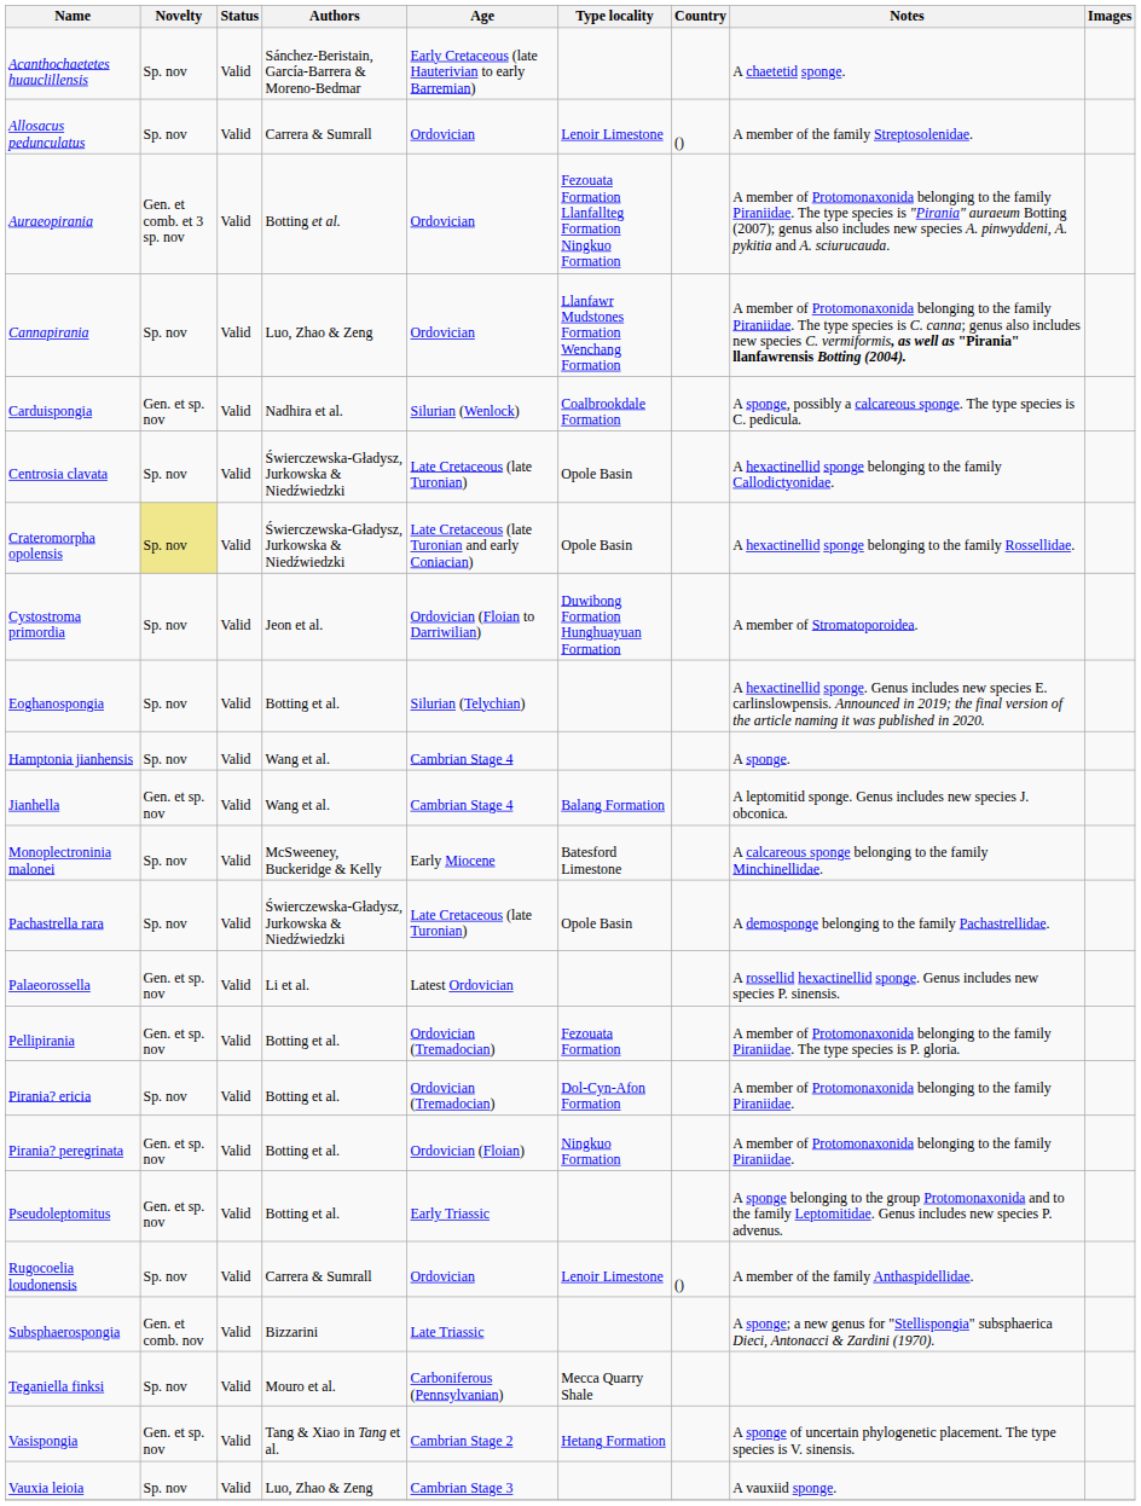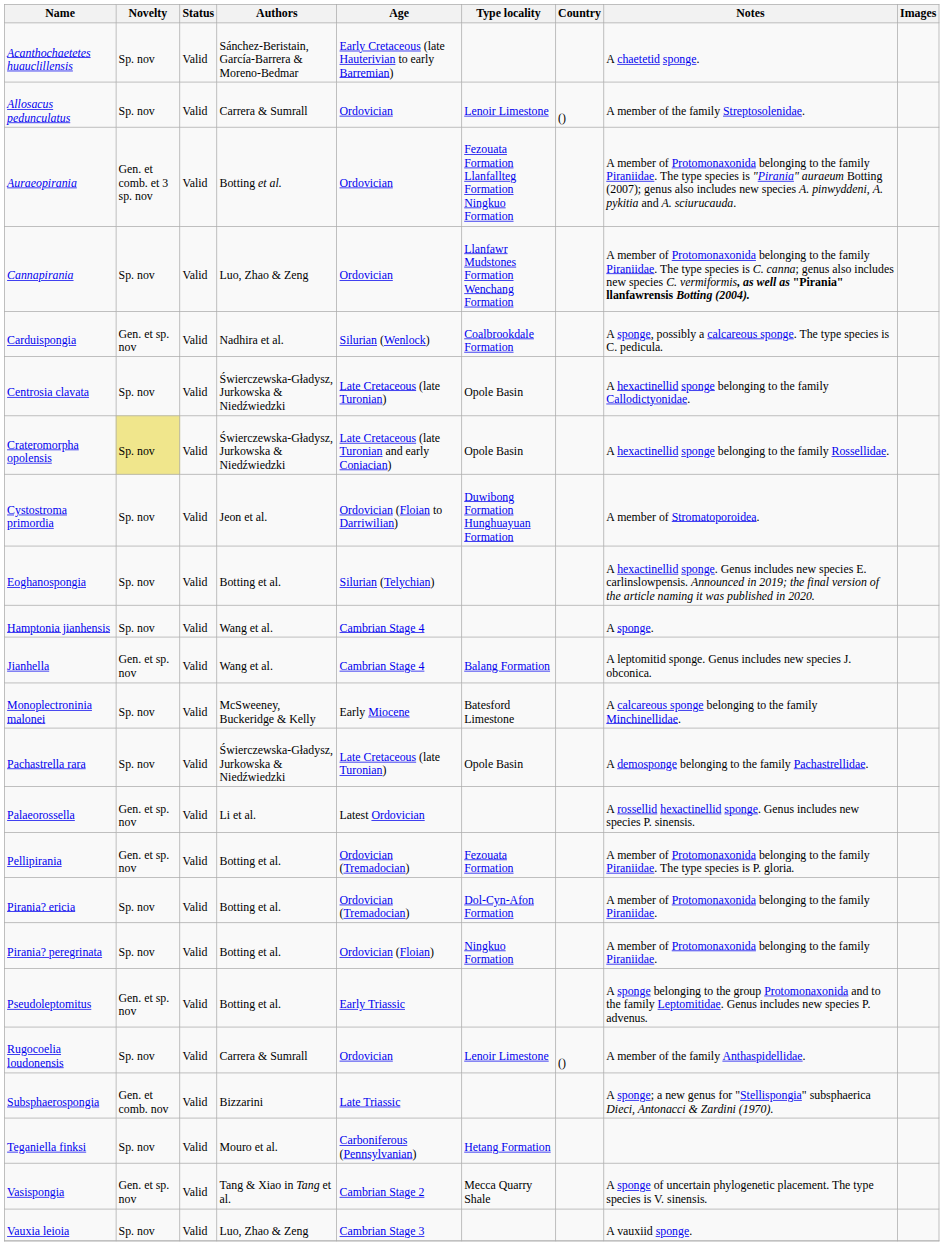 <table class="wikitable sortable" align="center" width="100%">
 <tr>
 <th>Name</th>
 <th>Novelty</th>
 <th>Status</th>
 <th>Authors</th>
 <th>Age</th>
 <th>Type locality</th>
 <th>Country</th>
 <th>Notes</th>
 <th>Images</th>
 </tr>
 <tr>
 <td><br><em><a href='#'>Acanthochaetetes huauclillensis</a></em></td>
 <td><br>Sp. nov</td>
 <td><br>Valid</td>
 <td><br>Sánchez-Beristain, García-Barrera & Moreno-Bedmar</td>
 <td><br><a href='#'>Early Cretaceous</a> (late <a href='#'>Hauterivian</a> to early <a href='#'>Barremian</a>)</td>
 <td></td>
 <td><br></td>
 <td><br>A <a href='#'>chaetetid</a> <a href='#'>sponge</a>.</td>
 <td></td>
 </tr>
 <tr>
 <td><br><em><a href='#'>Allosacus pedunculatus</a></em></td>
 <td><br>Sp. nov</td>
 <td><br>Valid</td>
 <td><br>Carrera & Sumrall</td>
 <td><br><a href='#'>Ordovician</a></td>
 <td><br><a href='#'>Lenoir Limestone</a></td>
 <td><br><br>()</td>
 <td><br>A member of the family <a href='#'>Streptosolenidae</a>.</td>
 <td></td>
 </tr>
 <tr>
 <td><br><em><a href='#'>Auraeopirania</a></em></td>
 <td><br>Gen. et comb. et 3 sp. nov</td>
 <td><br>Valid</td>
 <td><br>Botting <em>et al.</em></td>
 <td><br><a href='#'>Ordovician</a></td>
 <td><br><a href='#'>Fezouata Formation</a><br> <a href='#'>Llanfallteg Formation</a><br> <a href='#'>Ningkuo Formation</a></td>
 <td><br><br> <br> </td>
 <td><br>A member of <a href='#'>Protomonaxonida</a> belonging to the family <a href='#'>Piraniidae</a>. The type species is <em>"<a href='#'>Pirania</a>" auraeum</em> Botting (2007); genus also includes new species <em>A. pinwyddeni</em>, <em>A. pykitia</em> and <em>A. sciurucauda</em>.</td>
 <td></td>
 </tr>
 <tr>
 <td><br><em><a href='#'>Cannapirania</a></em></td>
 <td><br>Sp. nov</td>
 <td><br>Valid</td>
 <td><br>Luo, Zhao & Zeng</td>
 <td><br><a href='#'>Ordovician</a></td>
 <td><br><a href='#'>Llanfawr Mudstones Formation</a><br> <a href='#'>Wenchang Formation</a></td>
 <td><br><br> </td>
 <td><br>A member of <a href='#'>Protomonaxonida</a> belonging to the family <a href='#'>Piraniidae</a>. The type species is <em>C. canna</em>; genus also includes new species <em>C. vermiformis<strong>, as well as </em>"Pirania" llanfawrensis<em> Botting (2004).</td>
 <td></td>
 </tr>
 <tr>
 <td><br></em><a href='#'>Carduispongia</a><em></td>
 <td><br>Gen. et sp. nov</td>
 <td><br>Valid</td>
 <td><br>Nadhira </em>et al.<em></td>
 <td><br><a href='#'>Silurian</a> (<a href='#'>Wenlock</a>)</td>
 <td><br><a href='#'>Coalbrookdale Formation</a></td>
 <td><br></td>
 <td><br>A <a href='#'>sponge</a>, possibly a <a href='#'>calcareous sponge</a>. The type species is </em>C. pedicula<em>.</td>
 <td></td>
 </tr>
 <tr>
 <td><br></em><a href='#'>Centrosia clavata</a><em></td>
 <td><br>Sp. nov</td>
 <td><br>Valid</td>
 <td><br>Świerczewska-Gładysz, Jurkowska & Niedźwiedzki</td>
 <td><br><a href='#'>Late Cretaceous</a> (late <a href='#'>Turonian</a>)</td>
 <td><br>Opole Basin</td>
 <td><br></td>
 <td><br>A <a href='#'>hexactinellid</a> <a href='#'>sponge</a> belonging to the family <a href='#'>Callodictyonidae</a>.</td>
 <td></td>
 </tr>
 <tr>
 <td><br></em><a href='#'>Crateromorpha opolensis</a><em></td>
 <td style="background: khaki;"><br>Sp. nov</td>
 <td><br>Valid</td>
 <td><br>Świerczewska-Gładysz, Jurkowska & Niedźwiedzki</td>
 <td><br><a href='#'>Late Cretaceous</a> (late <a href='#'>Turonian</a> and early <a href='#'>Coniacian</a>)</td>
 <td><br>Opole Basin</td>
 <td><br></td>
 <td><br>A <a href='#'>hexactinellid</a> <a href='#'>sponge</a> belonging to the family <a href='#'>Rossellidae</a>.</td>
 <td></td>
 </tr>
 <tr>
 <td><br></em><a href='#'>Cystostroma primordia</a><em></td>
 <td><br>Sp. nov</td>
 <td><br>Valid</td>
 <td><br>Jeon </em>et al.<em></td>
 <td><br><a href='#'>Ordovician</a> (<a href='#'>Floian</a> to <a href='#'>Darriwilian</a>)</td>
 <td><br><a href='#'>Duwibong Formation</a><br> <a href='#'>Hunghuayuan Formation</a></td>
 <td><br><br> </td>
 <td><br>A member of <a href='#'>Stromatoporoidea</a>.</td>
 <td></td>
 </tr>
 <tr>
 <td><br></em><a href='#'>Eoghanospongia</a><em></td>
 <td><br>Sp. nov</td>
 <td><br>Valid</td>
 <td><br>Botting </em>et al.<em></td>
 <td><br><a href='#'>Silurian</a> (<a href='#'>Telychian</a>)</td>
 <td></td>
 <td><br></td>
 <td><br>A <a href='#'>hexactinellid</a> <a href='#'>sponge</a>. Genus includes new species </em>E. carlinslowpensis<em>. Announced in 2019; the final version of the article naming it was published in 2020.</td>
 <td></td>
 </tr>
 <tr>
 <td><br></em><a href='#'>Hamptonia jianhensis</a><em></td>
 <td><br>Sp. nov</td>
 <td><br>Valid</td>
 <td><br>Wang </em>et al.<em></td>
 <td><br><a href='#'>Cambrian Stage 4</a></td>
 <td></td>
 <td><br></td>
 <td><br>A <a href='#'>sponge</a>.</td>
 <td></td>
 </tr>
 <tr>
 <td><br></em><a href='#'>Jianhella</a><em></td>
 <td><br>Gen. et sp. nov</td>
 <td><br>Valid</td>
 <td><br>Wang </em>et al.<em></td>
 <td><br><a href='#'>Cambrian Stage 4</a></td>
 <td><br><a href='#'>Balang Formation</a></td>
 <td><br></td>
 <td><br>A leptomitid sponge. Genus includes new species </em>J. obconica<em>.</td>
 <td></td>
 </tr>
 <tr>
 <td><br></em><a href='#'>Monoplectroninia malonei</a><em></td>
 <td><br>Sp. nov</td>
 <td><br>Valid</td>
 <td><br>McSweeney, Buckeridge & Kelly</td>
 <td><br>Early <a href='#'>Miocene</a></td>
 <td><br>Batesford Limestone</td>
 <td><br></td>
 <td><br>A <a href='#'>calcareous sponge</a> belonging to the family <a href='#'>Minchinellidae</a>.</td>
 <td></td>
 </tr>
 <tr>
 <td><br></em><a href='#'>Pachastrella rara</a><em></td>
 <td><br>Sp. nov</td>
 <td><br>Valid</td>
 <td><br>Świerczewska-Gładysz, Jurkowska & Niedźwiedzki</td>
 <td><br><a href='#'>Late Cretaceous</a> (late <a href='#'>Turonian</a>)</td>
 <td><br>Opole Basin</td>
 <td><br></td>
 <td><br>A <a href='#'>demosponge</a> belonging to the family <a href='#'>Pachastrellidae</a>.</td>
 <td></td>
 </tr>
 <tr>
 <td><br></em><a href='#'>Palaeorossella</a><em></td>
 <td><br>Gen. et sp. nov</td>
 <td><br>Valid</td>
 <td><br>Li </em>et al.<em></td>
 <td><br>Latest <a href='#'>Ordovician</a></td>
 <td></td>
 <td><br></td>
 <td><br>A <a href='#'>rossellid</a> <a href='#'>hexactinellid</a> <a href='#'>sponge</a>. Genus includes new species </em>P. sinensis<em>.</td>
 <td></td>
 </tr>
 <tr>
 <td><br></em><a href='#'>Pellipirania</a><em></td>
 <td><br>Gen. et sp. nov</td>
 <td><br>Valid</td>
 <td><br>Botting </em>et al.<em></td>
 <td><br><a href='#'>Ordovician</a> (<a href='#'>Tremadocian</a>)</td>
 <td><br><a href='#'>Fezouata Formation</a></td>
 <td><br></td>
 <td><br>A member of <a href='#'>Protomonaxonida</a> belonging to the family <a href='#'>Piraniidae</a>. The type species is </em>P. gloria<em>.</td>
 <td></td>
 </tr>
 <tr>
 <td><br></em><a href='#'>Pirania? ericia</a><em></td>
 <td><br>Sp. nov</td>
 <td><br>Valid</td>
 <td><br>Botting </em>et al.<em></td>
 <td><br><a href='#'>Ordovician</a> (<a href='#'>Tremadocian</a>)</td>
 <td><br><a href='#'>Dol-Cyn-Afon Formation</a></td>
 <td><br></td>
 <td><br>A member of <a href='#'>Protomonaxonida</a> belonging to the family <a href='#'>Piraniidae</a>.</td>
 <td></td>
 </tr>
 <tr>
 <td><br></em><a href='#'>Pirania? peregrinata</a><em></td>
-<td><br>Gen. et sp. nov</td>
+<td><br>Sp. nov</td>
 <td><br>Valid</td>
 <td><br>Botting </em>et al.<em></td>
 <td><br><a href='#'>Ordovician</a> (<a href='#'>Floian</a>)</td>
 <td><br><a href='#'>Ningkuo Formation</a></td>
 <td><br></td>
 <td><br>A member of <a href='#'>Protomonaxonida</a> belonging to the family <a href='#'>Piraniidae</a>.</td>
 <td></td>
 </tr>
 <tr>
 <td><br></em><a href='#'>Pseudoleptomitus</a><em></td>
 <td><br>Gen. et sp. nov</td>
 <td><br>Valid</td>
 <td><br>Botting </em>et al.<em></td>
 <td><br><a href='#'>Early Triassic</a></td>
 <td></td>
 <td><br></td>
 <td><br>A <a href='#'>sponge</a> belonging to the group <a href='#'>Protomonaxonida</a> and to the family <a href='#'>Leptomitidae</a>. Genus includes new species </em>P. advenus<em>.</td>
 <td></td>
 </tr>
 <tr>
 <td><br></em><a href='#'>Rugocoelia loudonensis</a><em></td>
 <td><br>Sp. nov</td>
 <td><br>Valid</td>
 <td><br>Carrera & Sumrall</td>
 <td><br><a href='#'>Ordovician</a></td>
 <td><br><a href='#'>Lenoir Limestone</a></td>
 <td><br><br>()</td>
 <td><br>A member of the family <a href='#'>Anthaspidellidae</a>.</td>
 <td></td>
 </tr>
 <tr>
 <td><br></em><a href='#'>Subsphaerospongia</a><em></td>
 <td><br>Gen. et comb. nov</td>
 <td><br>Valid</td>
 <td><br>Bizzarini</td>
 <td><br><a href='#'>Late Triassic</a></td>
 <td></td>
 <td><br></td>
 <td><br>A <a href='#'>sponge</a>; a new genus for </em>"<a href='#'>Stellispongia</a>" subsphaerica<em> Dieci, Antonacci & Zardini (1970).</td>
 <td></td>
 </tr>
 <tr>
 <td><br></em><a href='#'>Teganiella finksi</a><em></td>
 <td><br>Sp. nov</td>
 <td><br>Valid</td>
 <td><br>Mouro </em>et al.<em></td>
 <td><br><a href='#'>Carboniferous</a> (<a href='#'>Pennsylvanian</a>)</td>
-<td><br>Mecca Quarry Shale</td>
+<td><br><a href='#'>Hetang Formation</a></td>
 <td><br></td>
 <td></td>
 <td></td>
 </tr>
 <tr>
 <td><br></em><a href='#'>Vasispongia</a><em></td>
 <td><br>Gen. et sp. nov</td>
 <td><br>Valid</td>
 <td><br>Tang & Xiao </em>in<em> Tang </em>et al.<em></td>
 <td><br><a href='#'>Cambrian Stage 2</a></td>
-<td><br><a href='#'>Hetang Formation</a></td>
+<td><br>Mecca Quarry Shale</td>
 <td><br></td>
 <td><br>A <a href='#'>sponge</a> of uncertain phylogenetic placement. The type species is </em>V. sinensis<em>.</td>
 <td></td>
 </tr>
 <tr>
 <td><br></em><a href='#'>Vauxia leioia</a><em></td>
 <td><br>Sp. nov</td>
 <td><br>Valid</td>
 <td><br>Luo, Zhao & Zeng</td>
 <td><br><a href='#'>Cambrian Stage 3</a></td>
 <td></td>
 <td><br></td>
 <td><br>A vauxiid <a href='#'>sponge</a>.</td>
 <td></td>
 </tr>
 <tr>
 </tr>
 </table>
